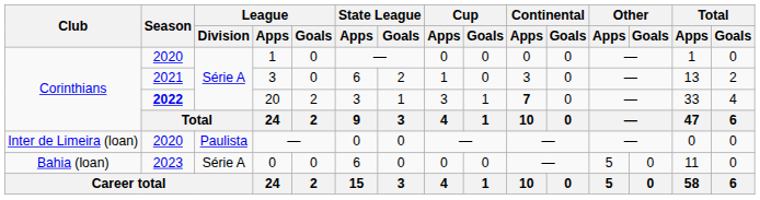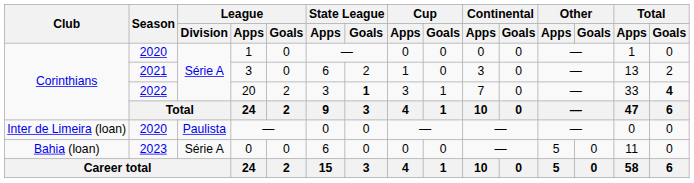 <table class="wikitable" style="text-align: center;">
 <tr>
 <th rowspan="2">Club</th>
 <th rowspan="2">Season</th>
 <th colspan="3">League</th>
 <th colspan="2">State League</th>
 <th colspan="2">Cup</th>
 <th colspan="2">Continental</th>
 <th colspan="2">Other</th>
 <th colspan="2">Total</th>
 </tr>
 <tr>
 <th>Division</th>
 <th>Apps</th>
 <th>Goals</th>
 <th>Apps</th>
 <th>Goals</th>
 <th>Apps</th>
 <th>Goals</th>
 <th>Apps</th>
 <th>Goals</th>
 <th>Apps</th>
 <th>Goals</th>
 <th>Apps</th>
 <th>Goals</th>
 </tr>
 <tr>
 <td rowspan="4" valign="center"><a href='#'>Corinthians</a></td>
 <td><a href='#'>2020</a></td>
 <td rowspan="3"><a href='#'>Série A</a></td>
 <td>1</td>
 <td>0</td>
 <td colspan="2">—</td>
 <td>0</td>
 <td>0</td>
 <td>0</td>
 <td>0</td>
 <td colspan="2">—</td>
 <td>1</td>
 <td>0</td>
 </tr>
 <tr>
 <td><a href='#'>2021</a></td>
 <td>3</td>
 <td>0</td>
 <td>6</td>
 <td>2</td>
 <td>1</td>
 <td>0</td>
 <td>3</td>
 <td>0</td>
 <td colspan="2">—</td>
 <td>13</td>
 <td>2</td>
 </tr>
 <tr>
-<td><strong><a href='#'>2022</a></strong></td>
+<td><a href='#'>2022</a></td>
 <td>20</td>
 <td>2</td>
 <td>3</td>
-<td>1</td>
+<td><strong>1</strong></td>
 <td>3</td>
 <td>1</td>
-<td><strong>7</strong></td>
+<td>7</td>
 <td>0</td>
 <td colspan="2">—</td>
 <td>33</td>
-<td>4</td>
+<td><strong>4</strong></td>
 </tr>
 <tr>
 <th colspan="2">Total</th>
 <th>24</th>
 <th>2</th>
 <th>9</th>
 <th>3</th>
 <th>4</th>
 <th>1</th>
 <th>10</th>
 <th>0</th>
 <th colspan="2">—</th>
 <th>47</th>
 <th>6</th>
 </tr>
 <tr>
 <td valign="center"><a href='#'>Inter de Limeira</a> (loan)</td>
 <td><a href='#'>2020</a></td>
 <td><a href='#'>Paulista</a></td>
 <td colspan="2">—</td>
 <td>0</td>
 <td>0</td>
 <td colspan="2">—</td>
 <td colspan="2">—</td>
 <td colspan="2">—</td>
 <td>0</td>
 <td>0</td>
 </tr>
 <tr>
 <td valign="center"><a href='#'>Bahia</a> (loan)</td>
 <td><a href='#'>2023</a></td>
 <td>Série A</td>
 <td>0</td>
 <td>0</td>
 <td>6</td>
 <td>0</td>
 <td>0</td>
 <td>0</td>
 <td colspan="2">—</td>
 <td>5</td>
 <td>0</td>
 <td>11</td>
 <td>0</td>
 </tr>
 <tr>
 <th colspan="3"><strong>Career total</strong></th>
 <th>24</th>
 <th>2</th>
 <th>15</th>
 <th>3</th>
 <th>4</th>
 <th>1</th>
 <th>10</th>
 <th>0</th>
 <th>5</th>
 <th>0</th>
 <th>58</th>
 <th>6</th>
 </tr>
 </table>
